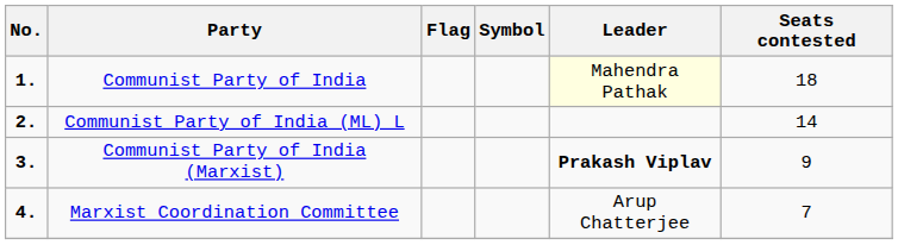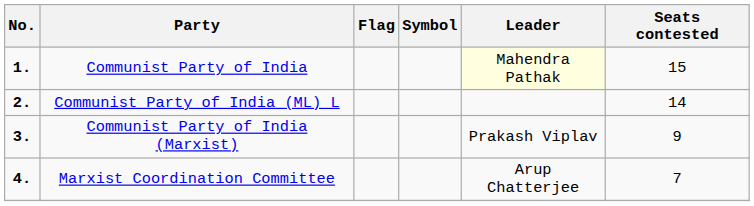 <table class="wikitable" style="width:50%;">
 <tr>
 <th>No.</th>
 <th>Party</th>
 <th>Flag</th>
 <th>Symbol</th>
 <th>Leader</th>
 <th>Seats contested</th>
 </tr>
 <tr>
 <td ! style="text-align:center; background:"><strong>1.</strong></td>
 <td ! style="text-align:center"><a href='#'>Communist Party of India</a></td>
 <td></td>
 <td></td>
 <td style="background: lightyellow; text-align:center">Mahendra Pathak</td>
-<td style="text-align:center">18</td>
+<td style="text-align:center">15</td>
 </tr>
 <tr>
 <td ! style="text-align:center; background:"><strong>2.</strong></td>
 <td ! style="text-align:center"><a href='#'>Communist Party of India (ML) L</a></td>
 <td></td>
 <td></td>
 <td style="text-align:center"></td>
 <td style="text-align:center">14</td>
 </tr>
 <tr>
 <td ! style="text-align:center; background:"><strong>3.</strong></td>
 <td ! style="text-align:center"><a href='#'>Communist Party of India (Marxist)</a></td>
 <td></td>
 <td></td>
-<td style="text-align:center"><strong>Prakash Viplav</strong></td>
+<td style="text-align:center">Prakash Viplav</td>
 <td style="text-align:center">9</td>
 </tr>
 <tr>
 <td ! style="text-align:center; background:"><strong>4.</strong></td>
 <td ! style="text-align:center"><a href='#'>Marxist Coordination Committee</a></td>
 <td></td>
 <td></td>
 <td style="text-align:center">Arup Chatterjee</td>
 <td style="text-align:center">7</td>
 </tr>
 <tr>
 </tr>
 </table>
